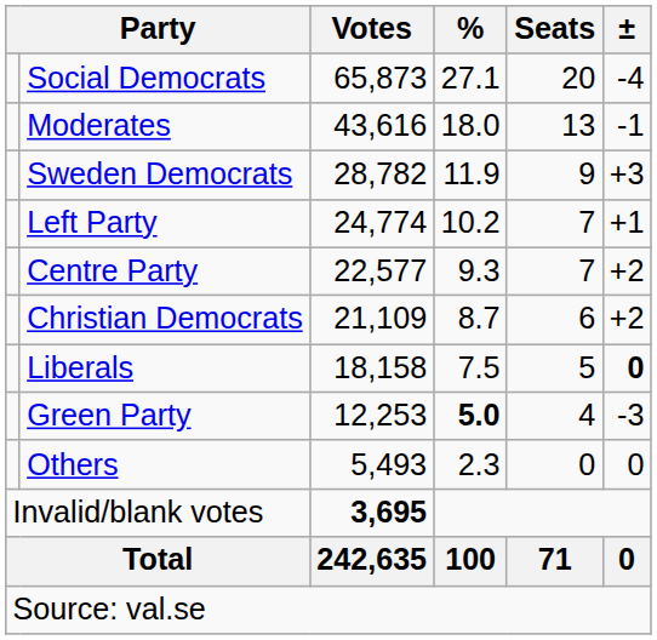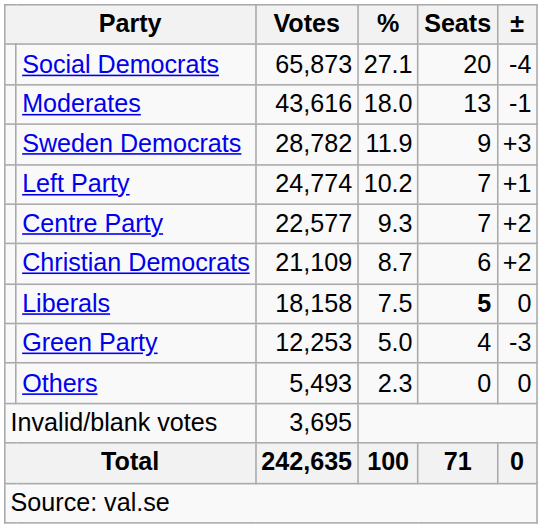 <table class=wikitable style=text-align:right>
 <tr>
 <th colspan=2>Party</th>
 <th>Votes</th>
 <th>%</th>
 <th>Seats</th>
 <th>±</th>
 </tr>
 <tr>
 <td bgcolor=></td>
 <td align=left><a href='#'>Social Democrats</a></td>
 <td>65,873</td>
 <td>27.1</td>
 <td>20</td>
 <td>-4</td>
 </tr>
 <tr>
 <td bgcolor=></td>
 <td align=left><a href='#'>Moderates</a></td>
 <td>43,616</td>
 <td>18.0</td>
 <td>13</td>
 <td>-1</td>
 </tr>
 <tr>
 <td bgcolor=></td>
 <td align=left><a href='#'>Sweden Democrats</a></td>
 <td>28,782</td>
 <td>11.9</td>
 <td>9</td>
 <td>+3</td>
 </tr>
 <tr>
 <td bgcolor=></td>
 <td align=left><a href='#'>Left Party</a></td>
 <td>24,774</td>
 <td>10.2</td>
 <td>7</td>
 <td>+1</td>
 </tr>
 <tr>
 <td bgcolor=></td>
 <td align=left><a href='#'>Centre Party</a></td>
 <td>22,577</td>
 <td>9.3</td>
 <td>7</td>
 <td>+2</td>
 </tr>
 <tr>
 <td bgcolor=></td>
 <td align=left><a href='#'>Christian Democrats</a></td>
 <td>21,109</td>
 <td>8.7</td>
 <td>6</td>
 <td>+2</td>
 </tr>
 <tr>
 <td bgcolor=></td>
 <td align=left><a href='#'>Liberals</a></td>
 <td>18,158</td>
 <td>7.5</td>
-<td>5</td>
-<td><strong>0</strong></td>
+<td><strong>5</strong></td>
+<td>0</td>
 </tr>
 <tr>
 <td bgcolor=></td>
 <td align=left><a href='#'>Green Party</a></td>
 <td>12,253</td>
-<td><strong>5.0</strong></td>
+<td>5.0</td>
 <td>4</td>
 <td>-3</td>
 </tr>
 <tr>
 <td></td>
 <td align=left><a href='#'>Others</a></td>
 <td>5,493</td>
 <td>2.3</td>
 <td>0</td>
 <td>0</td>
 </tr>
 <tr>
 <td align=left colspan=2>Invalid/blank votes</td>
-<td><strong>3,695</strong></td>
+<td>3,695</td>
 <td colspan=3></td>
 </tr>
 <tr>
 <th align=left colspan=2>Total</th>
 <th>242,635</th>
 <th>100</th>
 <th>71</th>
 <th>0</th>
 </tr>
 <tr>
 <td align=left colspan=6>Source: val.se </td>
 </tr>
 </table>
